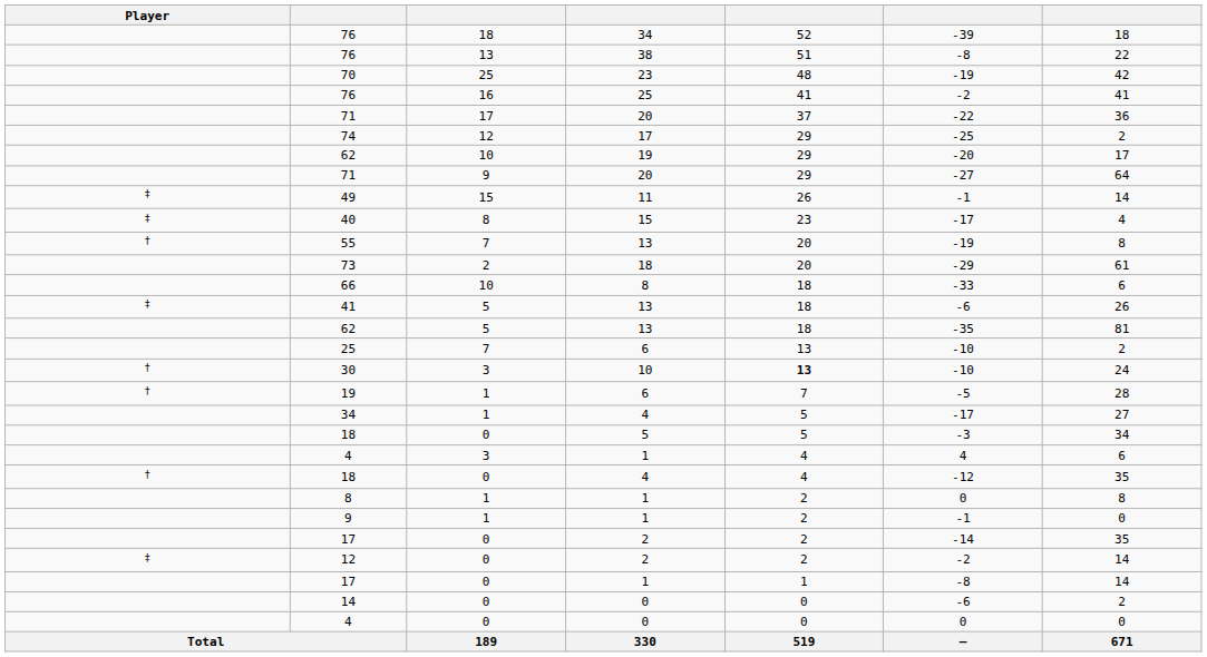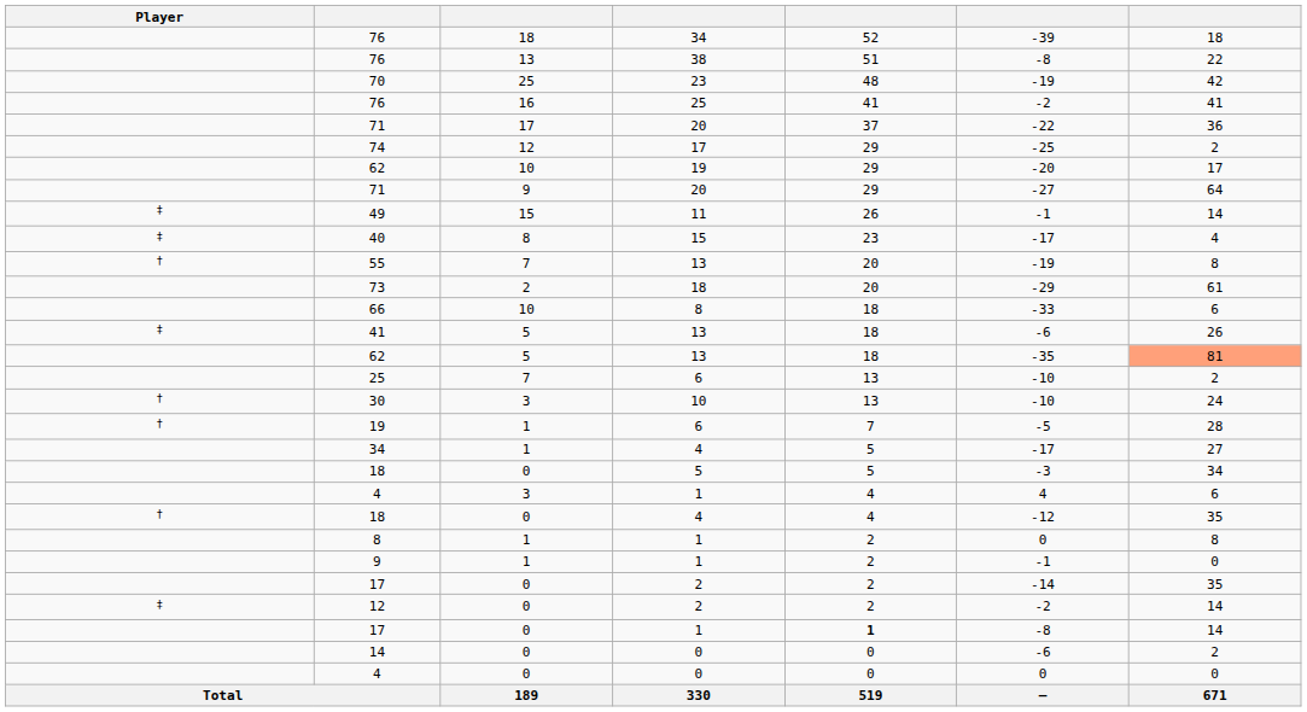 <table class="wikitable sortable" style="width:100%; text-align:center;">
 <tr align=center>
 <th>Player</th>
 <th></th>
 <th></th>
 <th></th>
 <th></th>
 <th data-sort-type="number"></th>
 <th></th>
 </tr>
 <tr>
 <td></td>
 <td>76</td>
 <td>18</td>
 <td>34</td>
 <td>52</td>
 <td>-39</td>
 <td>18</td>
 </tr>
 <tr>
 <td></td>
 <td>76</td>
 <td>13</td>
 <td>38</td>
 <td>51</td>
 <td>-8</td>
 <td>22</td>
 </tr>
 <tr>
 <td></td>
 <td>70</td>
 <td>25</td>
 <td>23</td>
 <td>48</td>
 <td>-19</td>
 <td>42</td>
 </tr>
 <tr>
 <td></td>
 <td>76</td>
 <td>16</td>
 <td>25</td>
 <td>41</td>
 <td>-2</td>
 <td>41</td>
 </tr>
 <tr>
 <td></td>
 <td>71</td>
 <td>17</td>
 <td>20</td>
 <td>37</td>
 <td>-22</td>
 <td>36</td>
 </tr>
 <tr>
 <td></td>
 <td>74</td>
 <td>12</td>
 <td>17</td>
 <td>29</td>
 <td>-25</td>
 <td>2</td>
 </tr>
 <tr>
 <td></td>
 <td>62</td>
 <td>10</td>
 <td>19</td>
 <td>29</td>
 <td>-20</td>
 <td>17</td>
 </tr>
 <tr>
 <td></td>
 <td>71</td>
 <td>9</td>
 <td>20</td>
 <td>29</td>
 <td>-27</td>
 <td>64</td>
 </tr>
 <tr>
 <td><sup>‡</sup></td>
 <td>49</td>
 <td>15</td>
 <td>11</td>
 <td>26</td>
 <td>-1</td>
 <td>14</td>
 </tr>
 <tr>
 <td><sup>‡</sup></td>
 <td>40</td>
 <td>8</td>
 <td>15</td>
 <td>23</td>
 <td>-17</td>
 <td>4</td>
 </tr>
 <tr>
 <td><sup>†</sup></td>
 <td>55</td>
 <td>7</td>
 <td>13</td>
 <td>20</td>
 <td>-19</td>
 <td>8</td>
 </tr>
 <tr>
 <td></td>
 <td>73</td>
 <td>2</td>
 <td>18</td>
 <td>20</td>
 <td>-29</td>
 <td>61</td>
 </tr>
 <tr>
 <td></td>
 <td>66</td>
 <td>10</td>
 <td>8</td>
 <td>18</td>
 <td>-33</td>
 <td>6</td>
 </tr>
 <tr>
 <td><sup>‡</sup></td>
 <td>41</td>
 <td>5</td>
 <td>13</td>
 <td>18</td>
 <td>-6</td>
 <td>26</td>
 </tr>
 <tr>
 <td></td>
 <td>62</td>
 <td>5</td>
 <td>13</td>
 <td>18</td>
 <td>-35</td>
-<td>81</td>
+<td style="background: lightsalmon;">81</td>
 </tr>
 <tr>
 <td></td>
 <td>25</td>
 <td>7</td>
 <td>6</td>
 <td>13</td>
 <td>-10</td>
 <td>2</td>
 </tr>
 <tr>
 <td><sup>†</sup></td>
 <td>30</td>
 <td>3</td>
 <td>10</td>
-<td><strong>13</strong></td>
+<td>13</td>
 <td>-10</td>
 <td>24</td>
 </tr>
 <tr>
 <td><sup>†</sup></td>
 <td>19</td>
 <td>1</td>
 <td>6</td>
 <td>7</td>
 <td>-5</td>
 <td>28</td>
 </tr>
 <tr>
 <td></td>
 <td>34</td>
 <td>1</td>
 <td>4</td>
 <td>5</td>
 <td>-17</td>
 <td>27</td>
 </tr>
 <tr>
 <td></td>
 <td>18</td>
 <td>0</td>
 <td>5</td>
 <td>5</td>
 <td>-3</td>
 <td>34</td>
 </tr>
 <tr>
 <td></td>
 <td>4</td>
 <td>3</td>
 <td>1</td>
 <td>4</td>
 <td>4</td>
 <td>6</td>
 </tr>
 <tr>
 <td><sup>†</sup></td>
 <td>18</td>
 <td>0</td>
 <td>4</td>
 <td>4</td>
 <td>-12</td>
 <td>35</td>
 </tr>
 <tr>
 <td></td>
 <td>8</td>
 <td>1</td>
 <td>1</td>
 <td>2</td>
 <td>0</td>
 <td>8</td>
 </tr>
 <tr>
 <td></td>
 <td>9</td>
 <td>1</td>
 <td>1</td>
 <td>2</td>
 <td>-1</td>
 <td>0</td>
 </tr>
 <tr>
 <td></td>
 <td>17</td>
 <td>0</td>
 <td>2</td>
 <td>2</td>
 <td>-14</td>
 <td>35</td>
 </tr>
 <tr>
 <td><sup>‡</sup></td>
 <td>12</td>
 <td>0</td>
 <td>2</td>
 <td>2</td>
 <td>-2</td>
 <td>14</td>
 </tr>
 <tr>
 <td></td>
 <td>17</td>
 <td>0</td>
 <td>1</td>
-<td>1</td>
+<td><strong>1</strong></td>
 <td>-8</td>
 <td>14</td>
 </tr>
 <tr>
 <td></td>
 <td>14</td>
 <td>0</td>
 <td>0</td>
 <td>0</td>
 <td>-6</td>
 <td>2</td>
 </tr>
 <tr>
 <td></td>
 <td>4</td>
 <td>0</td>
 <td>0</td>
 <td>0</td>
 <td>0</td>
 <td>0</td>
 </tr>
 <tr class="sortbottom">
 <th colspan=2>Total</th>
 <th>189</th>
 <th>330</th>
 <th>519</th>
 <th>—</th>
 <th>671</th>
 </tr>
 </table>
